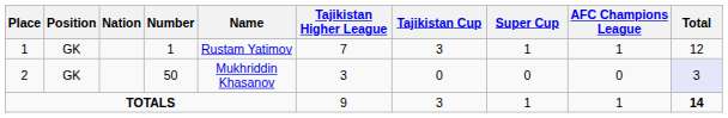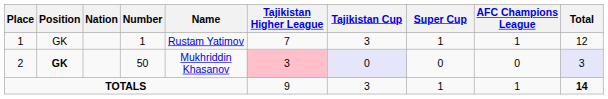 <table class="wikitable" style="font-size: 95%; text-align: center;">
 <tr>
 <th width=20>Place</th>
 <th width=20>Position</th>
 <th width=20>Nation</th>
 <th width=20>Number</th>
 <th width=200>Name</th>
 <th width=200><a href='#'>Tajikistan Higher League</a></th>
 <th width=200><a href='#'>Tajikistan Cup</a></th>
 <th width=200><a href='#'>Super Cup</a></th>
 <th width=200><a href='#'>AFC Champions League</a></th>
 <th width=100><strong>Total</strong></th>
 </tr>
 <tr>
 <td>1</td>
 <td>GK</td>
 <td></td>
 <td>1</td>
 <td><a href='#'>Rustam Yatimov</a></td>
 <td>7</td>
 <td>3</td>
 <td>1</td>
 <td>1</td>
 <td>12</td>
 </tr>
 <tr>
 <td>2</td>
-<td>GK</td>
+<td><strong>GK</strong></td>
 <td></td>
 <td>50</td>
 <td><a href='#'>Mukhriddin Khasanov</a></td>
-<td>3</td>
-<td>0</td>
+<td style="background: pink;">3</td>
+<td style="background: lavender;">0</td>
 <td>0</td>
 <td>0</td>
 <td style="background: lavender;">3</td>
 </tr>
 <tr>
 <td colspan="5"><strong>TOTALS</strong></td>
 <td>9</td>
 <td>3</td>
 <td>1</td>
 <td>1</td>
 <td><strong>14</strong></td>
 </tr>
 </table>
